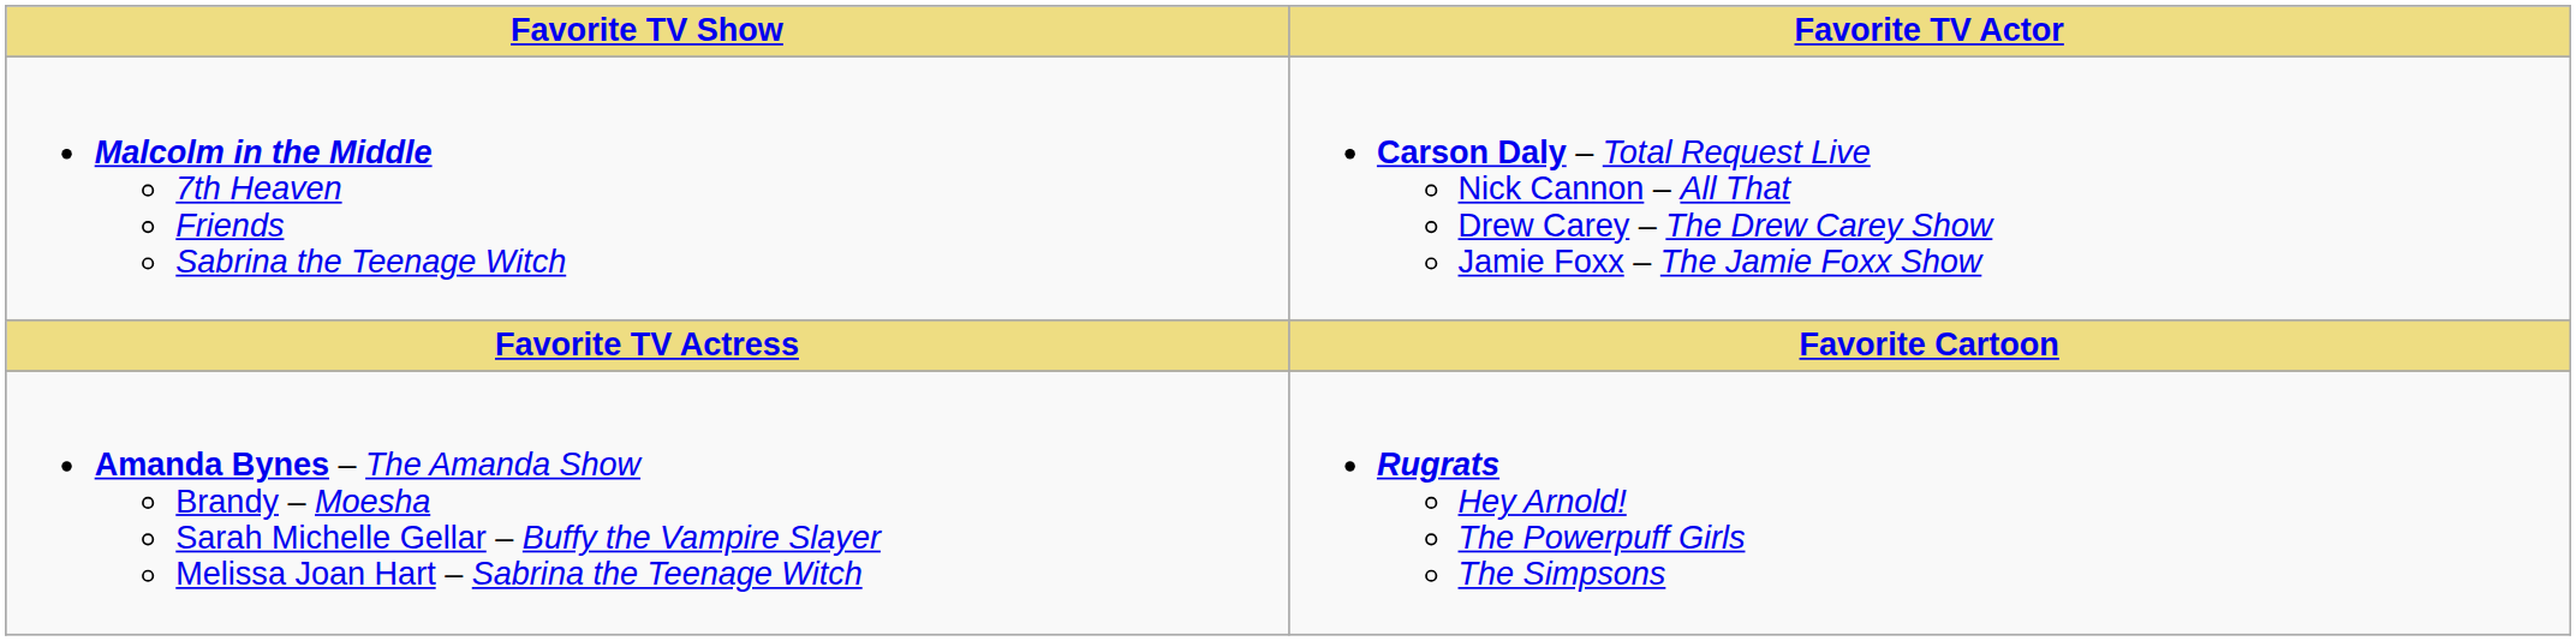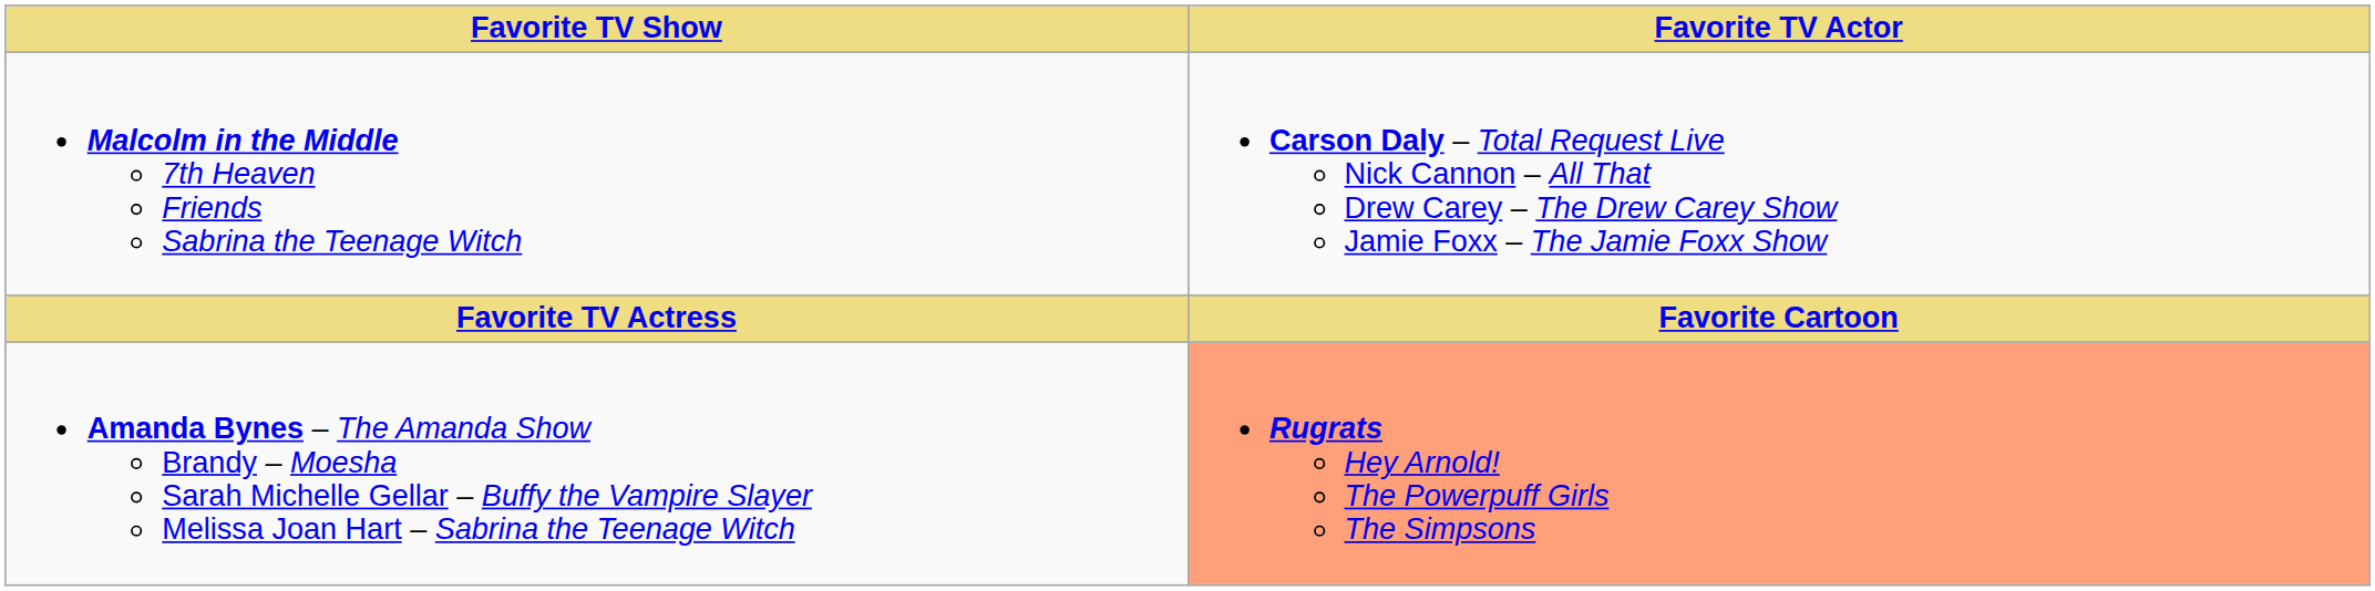 <table class="wikitable" style="width:100%">
 <tr>
 <th style="background:#EEDD82; width:50%"><a href='#'>Favorite TV Show</a></th>
 <th style="background:#EEDD82; width:50%"><a href='#'>Favorite TV Actor</a></th>
 </tr>
 <tr>
 <td valign="top"><br><ul><li><strong><em><a href='#'>Malcolm in the Middle</a></em></strong><ul><li><em><a href='#'>7th Heaven</a></em></li><li><em><a href='#'>Friends</a></em></li><li><em><a href='#'>Sabrina the Teenage Witch</a></em></li></ul></li></ul></td>
 <td valign="top"><br><ul><li><strong><a href='#'>Carson Daly</a></strong> – <em><a href='#'>Total Request Live</a></em><ul><li><a href='#'>Nick Cannon</a> – <em><a href='#'>All That</a></em></li><li><a href='#'>Drew Carey</a> – <em><a href='#'>The Drew Carey Show</a></em></li><li><a href='#'>Jamie Foxx</a> – <em><a href='#'>The Jamie Foxx Show</a></em></li></ul></li></ul></td>
 </tr>
 <tr>
 <th style="background:#EEDD82; width:50%"><a href='#'>Favorite TV Actress</a></th>
 <th style="background:#EEDD82; width:50%"><a href='#'>Favorite Cartoon</a></th>
 </tr>
 <tr>
 <td valign="top"><br><ul><li><strong><a href='#'>Amanda Bynes</a></strong> – <em><a href='#'>The Amanda Show</a></em><ul><li><a href='#'>Brandy</a> – <em><a href='#'>Moesha</a></em></li><li><a href='#'>Sarah Michelle Gellar</a> – <em><a href='#'>Buffy the Vampire Slayer</a></em></li><li><a href='#'>Melissa Joan Hart</a> – <em><a href='#'>Sabrina the Teenage Witch</a></em></li></ul></li></ul></td>
-<td valign="top"><br><ul><li><strong><em><a href='#'>Rugrats</a></em></strong><ul><li><em><a href='#'>Hey Arnold!</a></em></li><li><em><a href='#'>The Powerpuff Girls</a></em></li><li><em><a href='#'>The Simpsons</a></em></li></ul></li></ul></td>
+<td valign="top" style="background: lightsalmon;"><br><ul><li><strong><em><a href='#'>Rugrats</a></em></strong><ul><li><em><a href='#'>Hey Arnold!</a></em></li><li><em><a href='#'>The Powerpuff Girls</a></em></li><li><em><a href='#'>The Simpsons</a></em></li></ul></li></ul></td>
 </tr>
 </table>
